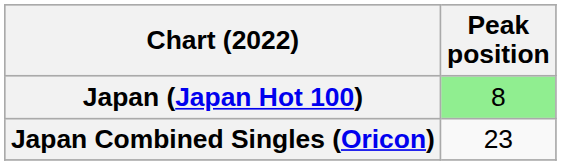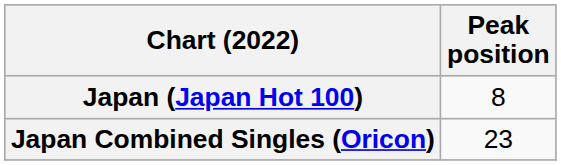 <table class="wikitable sortable plainrowheaders" style="text-align:center">
 <tr>
 <th scope="col">Chart (2022)</th>
 <th scope="col">Peak<br>position</th>
 </tr>
 <tr>
 <th scope="row">Japan (<a href='#'>Japan Hot 100</a>)</th>
-<td style="background: lightgreen;">8</td>
+<td>8</td>
 </tr>
 <tr>
 <th scope="row">Japan Combined Singles (<a href='#'>Oricon</a>)</th>
 <td>23</td>
 </tr>
 </table>
